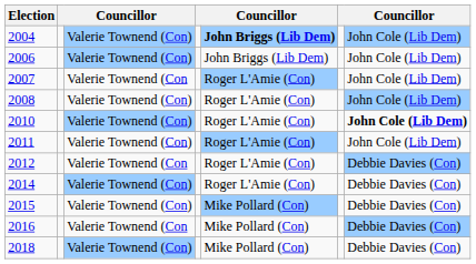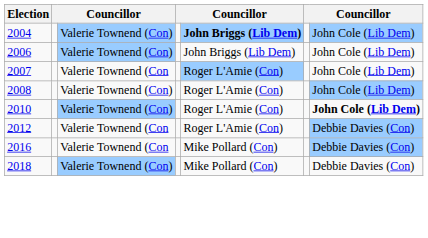 <table class="wikitable">
 <tr>
 <th>Election</th>
 <th colspan="2">Councillor</th>
 <th colspan="2">Councillor</th>
 <th colspan="2">Councillor</th>
 </tr>
 <tr>
 <td><a href='#'>2004</a></td>
 <td style="background-color: "></td>
 <td bgcolor="#99CCFF">Valerie Townend (<a href='#'>Con</a>)</td>
 <td style="background-color: "></td>
 <td bgcolor="#99CCFF"><strong>John Briggs (<a href='#'>Lib Dem</a>)</strong></td>
 <td style="background-color: "></td>
 <td bgcolor="#99CCFF">John Cole (<a href='#'>Lib Dem</a>)</td>
 </tr>
 <tr>
 <td><a href='#'>2006</a></td>
 <td style="background-color: "></td>
 <td bgcolor="#99CCFF">Valerie Townend (<a href='#'>Con</a>)</td>
 <td style="background-color: "></td>
 <td>John Briggs (<a href='#'>Lib Dem</a>)</td>
 <td style="background-color: "></td>
 <td>John Cole (<a href='#'>Lib Dem</a>)</td>
 </tr>
 <tr>
 <td><a href='#'>2007</a></td>
 <td style="background-color: "></td>
 <td>Valerie Townend (<a href='#'>Con</a></td>
 <td style="background-color: "></td>
 <td bgcolor="#99CCFF">Roger L'Amie (<a href='#'>Con</a>)</td>
 <td style="background-color: "></td>
 <td>John Cole (<a href='#'>Lib Dem</a>)</td>
 </tr>
 <tr>
 <td><a href='#'>2008</a></td>
 <td style="background-color: "></td>
 <td>Valerie Townend (<a href='#'>Con</a>)</td>
 <td style="background-color: "></td>
 <td>Roger L'Amie (<a href='#'>Con</a>)</td>
 <td style="background-color: "></td>
 <td bgcolor="#99CCFF">John Cole (<a href='#'>Lib Dem</a>)</td>
 </tr>
 <tr>
 <td><a href='#'>2010</a></td>
 <td style="background-color: "></td>
 <td bgcolor="#99CCFF">Valerie Townend (<a href='#'>Con</a>)</td>
 <td style="background-color: "></td>
 <td>Roger L'Amie (<a href='#'>Con</a>)</td>
 <td style="background-color: "></td>
 <td><strong>John Cole (<a href='#'>Lib Dem</a>)</strong></td>
 </tr>
 <tr>
-<td><a href='#'>2011</a></td>
-<td style="background-color: "></td>
-<td>Valerie Townend (<a href='#'>Con</a>)</td>
-<td style="background-color: "></td>
-<td bgcolor="#99CCFF">Roger L'Amie (<a href='#'>Con</a>)</td>
-<td style="background-color: "></td>
-<td>John Cole (<a href='#'>Lib Dem</a>)</td>
-</tr>
-<tr>
 <td><a href='#'>2012</a></td>
 <td style="background-color: "></td>
 <td>Valerie Townend (<a href='#'>Con</a></td>
 <td style="background-color: "></td>
 <td>Roger L'Amie (<a href='#'>Con</a>)</td>
 <td style="background-color: "></td>
 <td bgcolor="#99CCFF">Debbie Davies (<a href='#'>Con</a>)</td>
-</tr>
-<tr>
-<td><a href='#'>2014</a></td>
-<td style="background-color: "></td>
-<td bgcolor="#99CCFF">Valerie Townend (<a href='#'>Con</a>)</td>
-<td style="background-color: "></td>
-<td>Roger L'Amie (<a href='#'>Con</a>)</td>
-<td style="background-color: "></td>
-<td>Debbie Davies (<a href='#'>Con</a>)</td>
-</tr>
-<tr>
-<td><a href='#'>2015</a></td>
-<td style="background-color: "></td>
-<td>Valerie Townend (<a href='#'>Con</a>)</td>
-<td style="background-color: "></td>
-<td bgcolor="#99CCFF">Mike Pollard (<a href='#'>Con</a>)</td>
-<td style="background-color: "></td>
-<td>Debbie Davies (<a href='#'>Con</a>)</td>
 </tr>
 <tr>
 <td><a href='#'>2016</a></td>
 <td style="background-color: "></td>
 <td>Valerie Townend (<a href='#'>Con</a></td>
 <td style="background-color: "></td>
 <td>Mike Pollard (<a href='#'>Con</a>)</td>
 <td style="background-color: "></td>
 <td bgcolor="#99CCFF">Debbie Davies (<a href='#'>Con</a>)</td>
 </tr>
 <tr>
 <td><a href='#'>2018</a></td>
 <td style="background-color: "></td>
 <td bgcolor="#99CCFF">Valerie Townend (<a href='#'>Con</a>)</td>
 <td style="background-color: "></td>
 <td>Mike Pollard (<a href='#'>Con</a>)</td>
 <td style="background-color: "></td>
 <td>Debbie Davies (<a href='#'>Con</a>)</td>
 </tr>
 </table>
